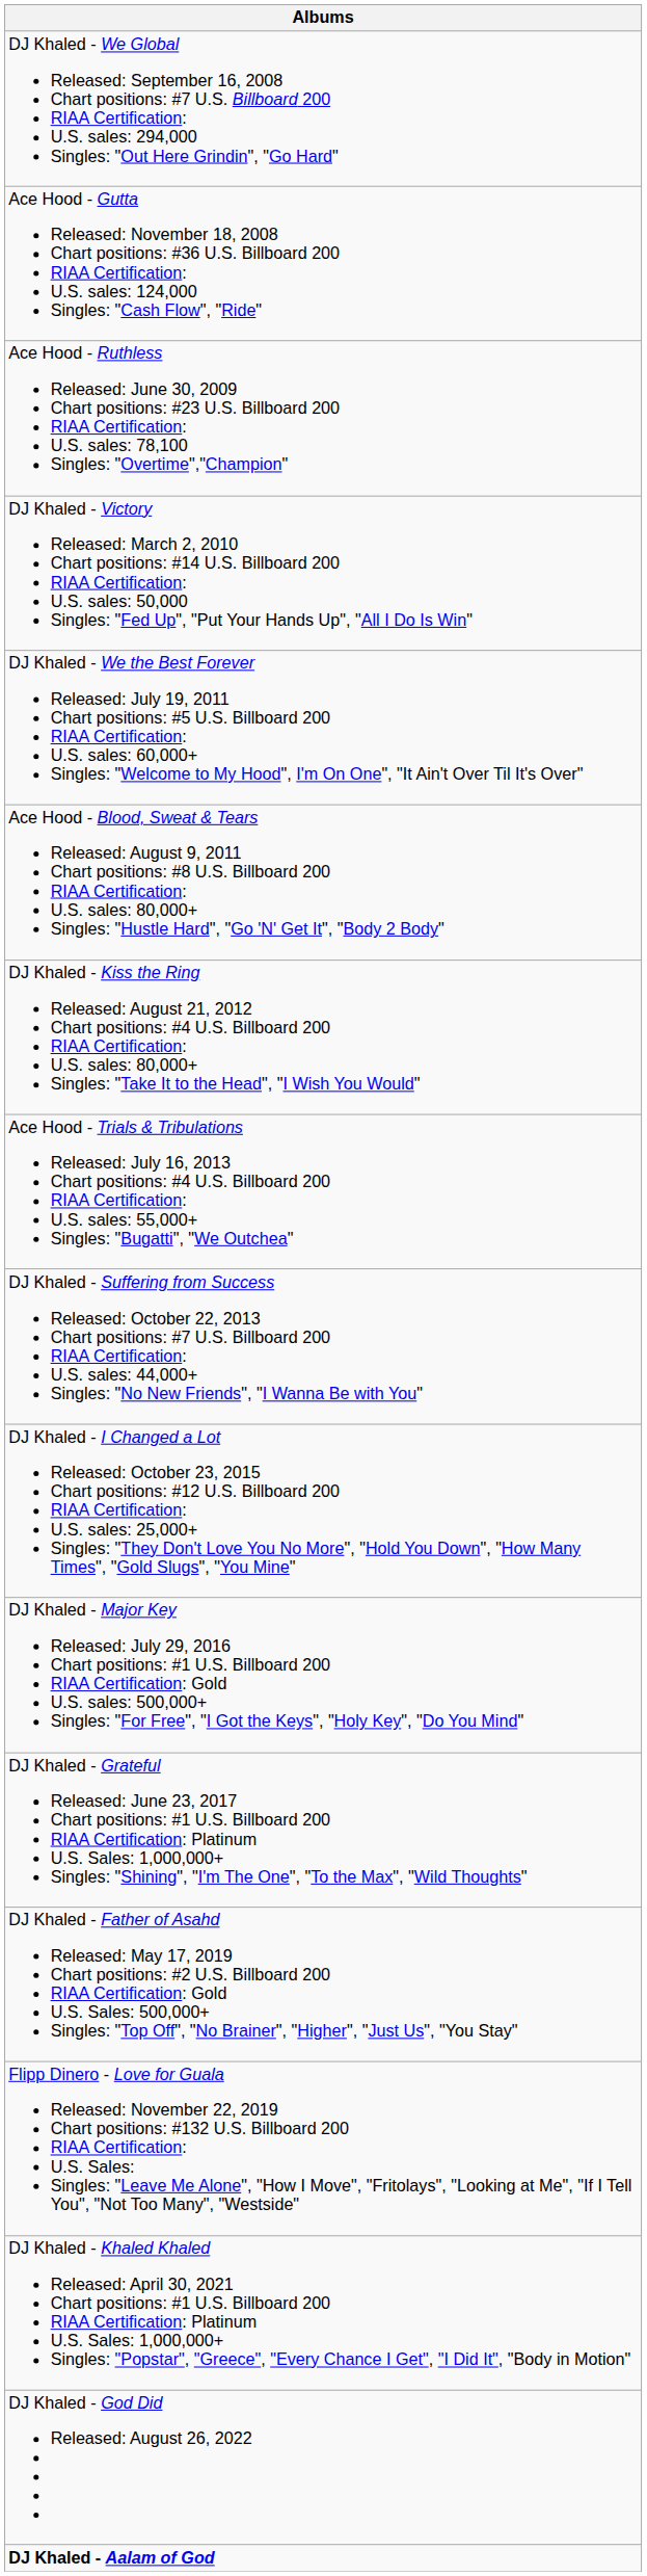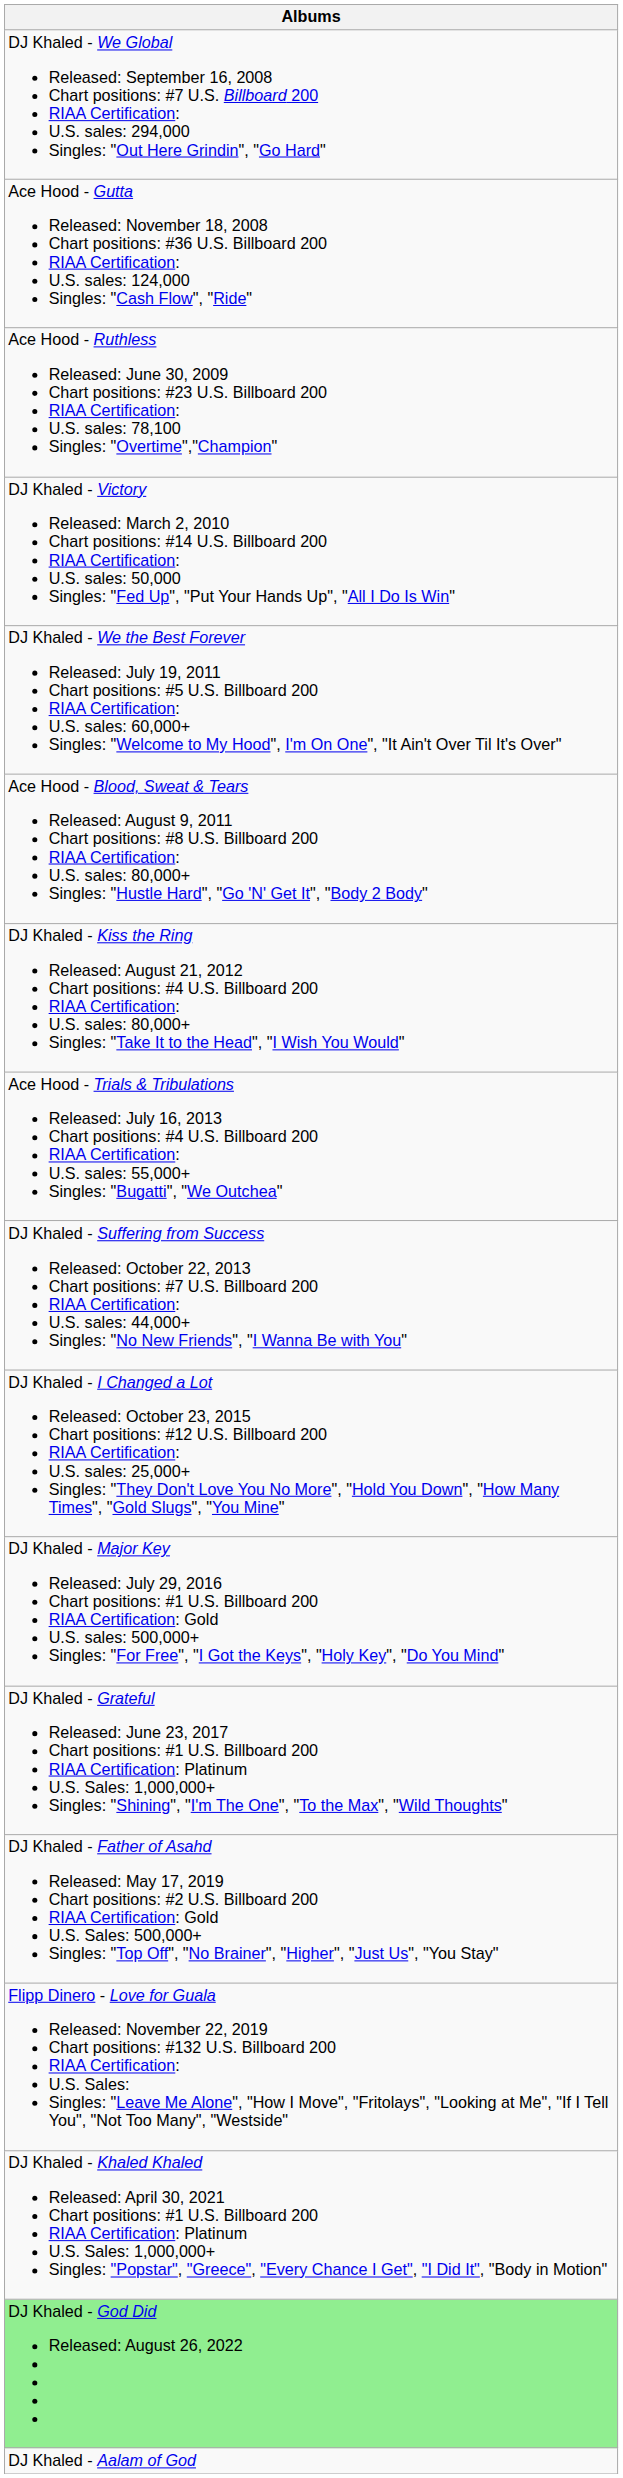 <table class="wikitable">
 <tr>
 <th align="left">Albums</th>
 </tr>
 <tr>
 <td align="left">DJ Khaled - <em><a href='#'>We Global</a></em><br><ul><li>Released: September 16, 2008</li><li>Chart positions: #7 U.S. <a href='#'><em>Billboard</em> 200</a></li><li><a href='#'>RIAA Certification</a>:</li><li>U.S. sales: 294,000</li><li>Singles: "<a href='#'>Out Here Grindin</a>", "<a href='#'>Go Hard</a>"</li></ul></td>
 </tr>
 <tr>
 <td align="left">Ace Hood - <em><a href='#'>Gutta</a></em><br><ul><li>Released: November 18, 2008</li><li>Chart positions: #36 U.S. Billboard 200</li><li><a href='#'>RIAA Certification</a>:</li><li>U.S. sales: 124,000</li><li>Singles: "<a href='#'>Cash Flow</a>", "<a href='#'>Ride</a>"</li></ul></td>
 </tr>
 <tr>
 <td align="left">Ace Hood - <em><a href='#'>Ruthless</a></em><br><ul><li>Released: June 30, 2009</li><li>Chart positions: #23 U.S. Billboard 200</li><li><a href='#'>RIAA Certification</a>:</li><li>U.S. sales: 78,100</li><li>Singles: "<a href='#'>Overtime</a>","<a href='#'>Champion</a>"</li></ul></td>
 </tr>
 <tr>
 <td align="left">DJ Khaled - <em><a href='#'>Victory</a></em><br><ul><li>Released: March 2, 2010</li><li>Chart positions: #14 U.S. Billboard 200</li><li><a href='#'>RIAA Certification</a>:</li><li>U.S. sales: 50,000</li><li>Singles: "<a href='#'>Fed Up</a>", "Put Your Hands Up", "<a href='#'>All I Do Is Win</a>"</li></ul></td>
 </tr>
 <tr>
 <td align="left">DJ Khaled - <em><a href='#'>We the Best Forever</a></em><br><ul><li>Released: July 19, 2011</li><li>Chart positions: #5 U.S. Billboard 200</li><li><a href='#'>RIAA Certification</a>:</li><li>U.S. sales: 60,000+</li><li>Singles: "<a href='#'>Welcome to My Hood</a>", <a href='#'>I'm On One</a>", "It Ain't Over Til It's Over"</li></ul></td>
 </tr>
 <tr>
 <td align="left">Ace Hood - <em><a href='#'>Blood, Sweat & Tears</a></em><br><ul><li>Released: August 9, 2011</li><li>Chart positions: #8 U.S. Billboard 200</li><li><a href='#'>RIAA Certification</a>:</li><li>U.S. sales: 80,000+</li><li>Singles: "<a href='#'>Hustle Hard</a>", "<a href='#'>Go 'N' Get It</a>", "<a href='#'>Body 2 Body</a>"</li></ul></td>
 </tr>
 <tr>
 <td align="left">DJ Khaled - <em><a href='#'>Kiss the Ring</a></em><br><ul><li>Released: August 21, 2012</li><li>Chart positions: #4 U.S. Billboard 200</li><li><a href='#'>RIAA Certification</a>:</li><li>U.S. sales: 80,000+</li><li>Singles: "<a href='#'>Take It to the Head</a>", "<a href='#'>I Wish You Would</a>"</li></ul></td>
 </tr>
 <tr>
 <td align="left">Ace Hood - <em><a href='#'>Trials & Tribulations</a></em><br><ul><li>Released: July 16, 2013</li><li>Chart positions: #4 U.S. Billboard 200</li><li><a href='#'>RIAA Certification</a>:</li><li>U.S. sales: 55,000+</li><li>Singles: "<a href='#'>Bugatti</a>", "<a href='#'>We Outchea</a>"</li></ul></td>
 </tr>
 <tr>
 <td align="left">DJ Khaled - <em><a href='#'>Suffering from Success</a></em><br><ul><li>Released: October 22, 2013</li><li>Chart positions: #7 U.S. Billboard 200</li><li><a href='#'>RIAA Certification</a>:</li><li>U.S. sales: 44,000+</li><li>Singles: "<a href='#'>No New Friends</a>", "<a href='#'>I Wanna Be with You</a>"</li></ul></td>
 </tr>
 <tr>
 <td>DJ Khaled - <em><a href='#'>I Changed a Lot</a></em><br><ul><li>Released: October 23, 2015</li><li>Chart positions: #12 U.S. Billboard 200</li><li><a href='#'>RIAA Certification</a>:</li><li>U.S. sales: 25,000+</li><li>Singles: "<a href='#'>They Don't Love You No More</a>", "<a href='#'>Hold You Down</a>", "<a href='#'>How Many Times</a>", "<a href='#'>Gold Slugs</a>", "<a href='#'>You Mine</a>"</li></ul></td>
 </tr>
 <tr>
 <td>DJ Khaled - <em><a href='#'>Major Key</a></em><br><ul><li>Released: July 29, 2016</li><li>Chart positions: #1 U.S. Billboard 200</li><li><a href='#'>RIAA Certification</a>: Gold</li><li>U.S. sales: 500,000+</li><li>Singles: "<a href='#'>For Free</a>", "<a href='#'>I Got the Keys</a>", "<a href='#'>Holy Key</a>", "<a href='#'>Do You Mind</a>"</li></ul></td>
 </tr>
 <tr>
 <td>DJ Khaled - <em><a href='#'>Grateful</a></em><br><ul><li>Released: June 23, 2017</li><li>Chart positions: #1 U.S. Billboard 200</li><li><a href='#'>RIAA Certification</a>: Platinum</li><li>U.S. Sales: 1,000,000+</li><li>Singles: "<a href='#'>Shining</a>", "<a href='#'>I'm The One</a>", "<a href='#'>To the Max</a>", "<a href='#'>Wild Thoughts</a>"</li></ul></td>
 </tr>
 <tr>
 <td>DJ Khaled - <em><a href='#'>Father of Asahd</a></em><br><ul><li>Released: May 17, 2019</li><li>Chart positions: #2 U.S. Billboard 200</li><li><a href='#'>RIAA Certification</a>: Gold</li><li>U.S. Sales: 500,000+</li><li>Singles: "<a href='#'>Top Off</a>", "<a href='#'>No Brainer</a>", "<a href='#'>Higher</a>", "<a href='#'>Just Us</a>", "You Stay"</li></ul></td>
 </tr>
 <tr>
 <td><a href='#'>Flipp Dinero</a> - <em><a href='#'>Love for Guala</a></em><br><ul><li>Released: November 22, 2019</li><li>Chart positions: #132 U.S. Billboard 200</li><li><a href='#'>RIAA Certification</a>:</li><li>U.S. Sales:</li><li>Singles: "<a href='#'>Leave Me Alone</a>", "How I Move", "Fritolays", "Looking at Me", "If I Tell You", "Not Too Many", "Westside"</li></ul></td>
 </tr>
 <tr>
 <td>DJ Khaled - <em><a href='#'>Khaled Khaled</a></em><br><ul><li>Released: April 30, 2021</li><li>Chart positions: #1 U.S. Billboard 200</li><li><a href='#'>RIAA Certification</a>: Platinum</li><li>U.S. Sales: 1,000,000+</li><li>Singles: <a href='#'>"Popstar"</a>, <a href='#'>"Greece"</a>, <a href='#'>"Every Chance I Get"</a>, <a href='#'>"I Did It"</a>, "Body in Motion"</li></ul></td>
 </tr>
 <tr>
-<td>DJ Khaled - <em><a href='#'>God Did</a></em><br><ul><li>Released: August 26, 2022</li><li></li><li></li><li></li><li></li></ul></td>
+<td style="background: lightgreen;">DJ Khaled - <em><a href='#'>God Did</a></em><br><ul><li>Released: August 26, 2022</li><li></li><li></li><li></li><li></li></ul></td>
 </tr>
 <tr>
-<td><strong>DJ Khaled - <em><a href='#'>Aalam of God</a></em></strong></td>
+<td>DJ Khaled - <em><a href='#'>Aalam of God</a></em></td>
 </tr>
 </table>
